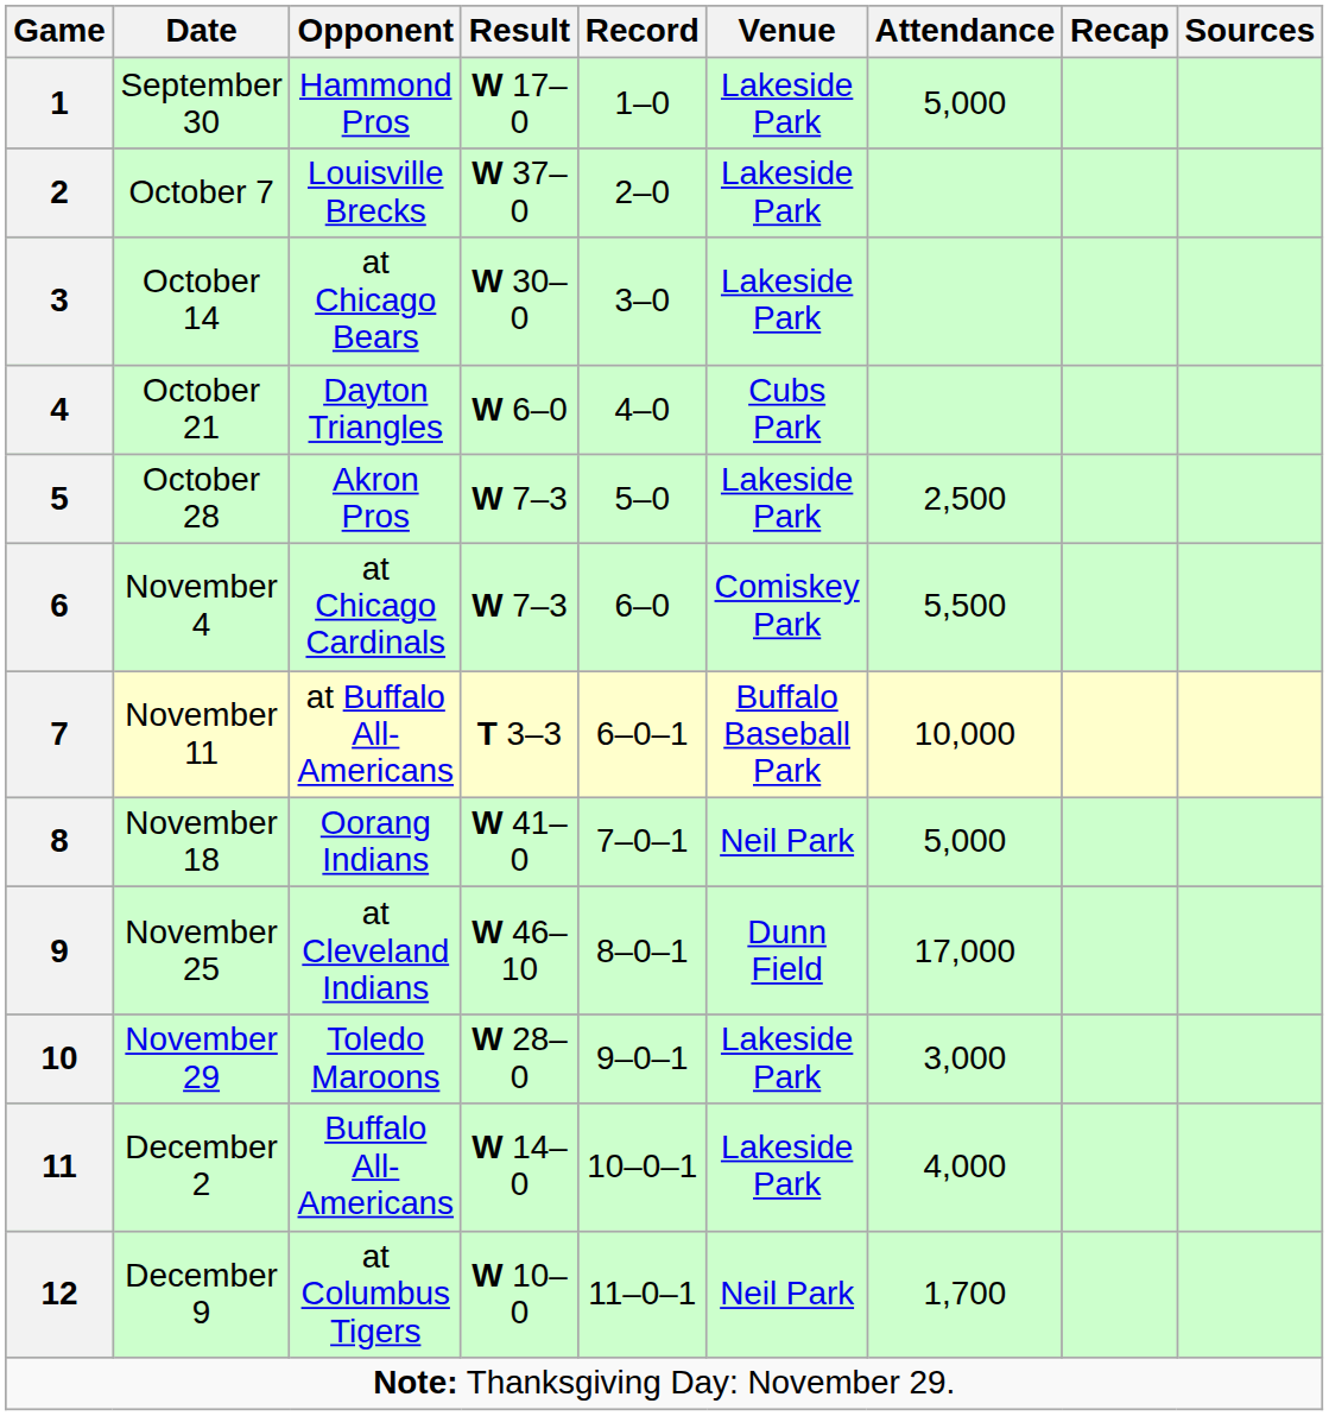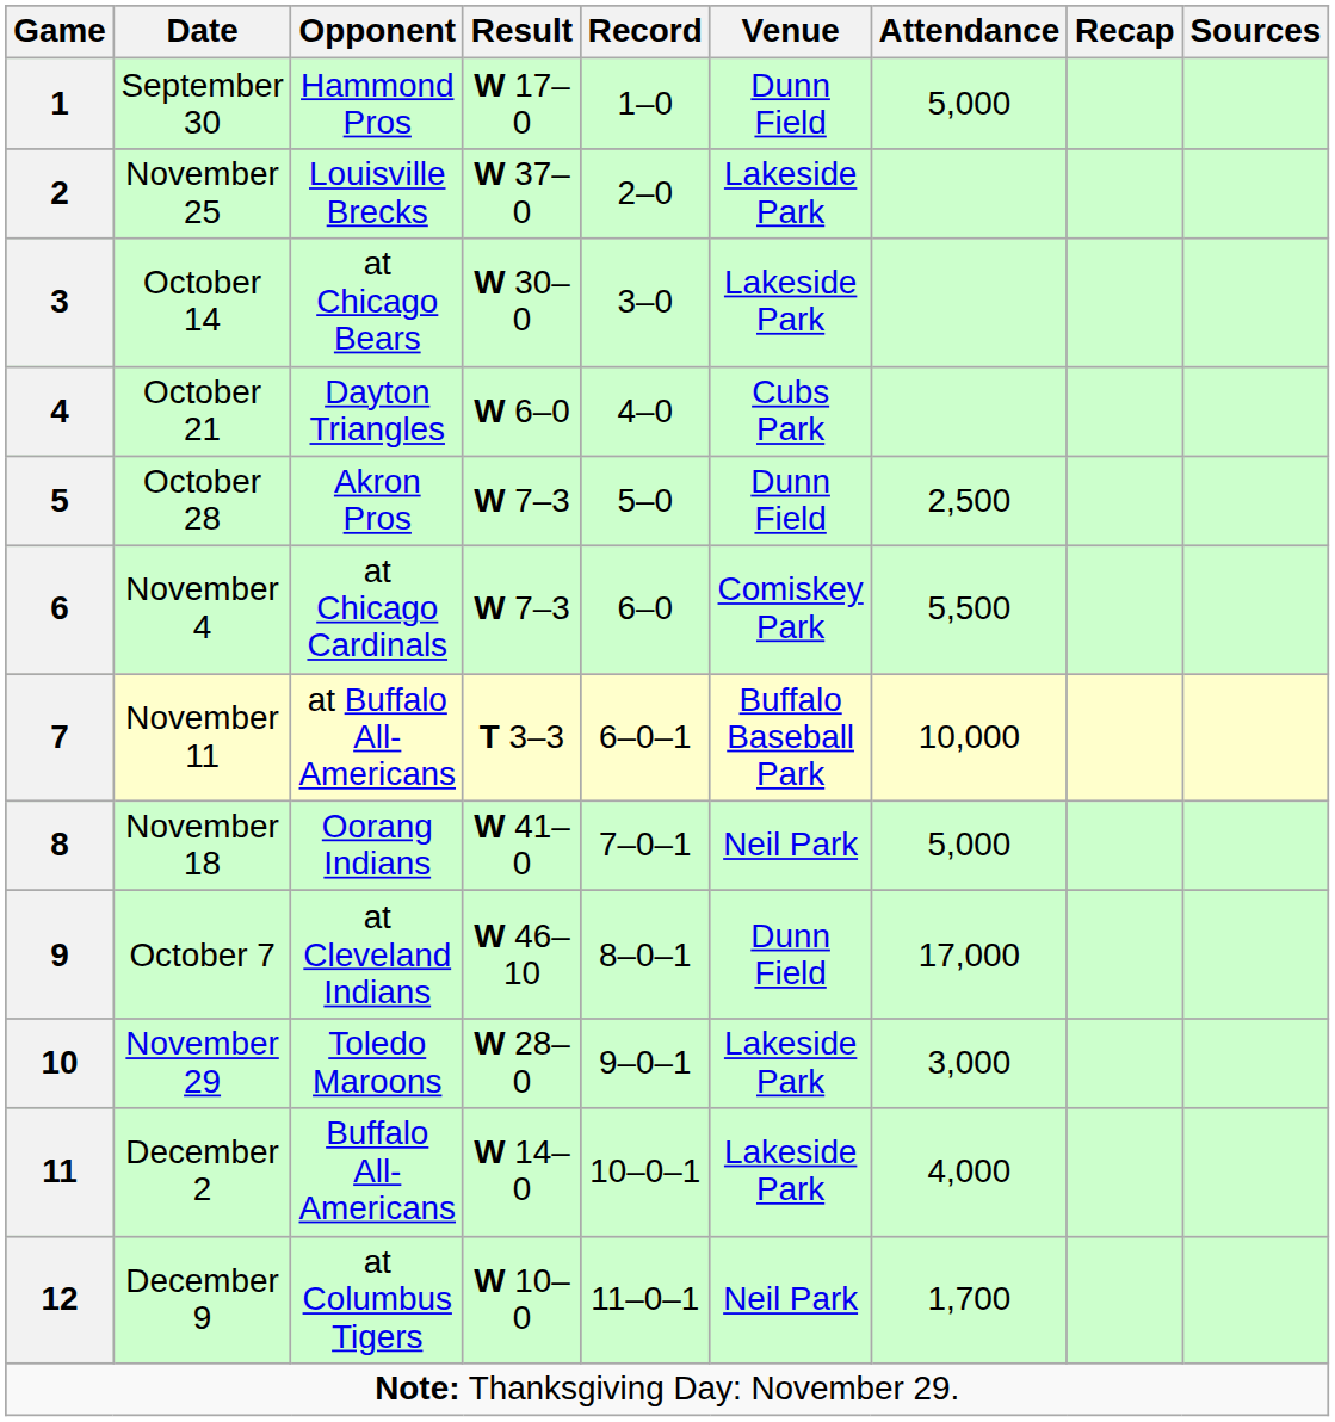 <table class="wikitable" style="text-align:center">
 <tr>
 <th>Game</th>
 <th>Date</th>
 <th>Opponent</th>
 <th>Result</th>
 <th>Record</th>
 <th>Venue</th>
 <th>Attendance</th>
 <th>Recap</th>
 <th>Sources</th>
 </tr>
 <tr style="background:#cfc">
 <th>1</th>
 <td>September 30</td>
 <td><a href='#'>Hammond Pros</a></td>
 <td><strong>W</strong> 17–0</td>
 <td>1–0</td>
-<td><a href='#'>Lakeside Park</a></td>
+<td><a href='#'>Dunn Field</a></td>
 <td>5,000</td>
 <td></td>
 <td></td>
 </tr>
 <tr style="background:#cfc">
 <th>2</th>
-<td>October 7</td>
+<td>November 25</td>
 <td><a href='#'>Louisville Brecks</a></td>
 <td><strong>W</strong> 37–0</td>
 <td>2–0</td>
 <td><a href='#'>Lakeside Park</a></td>
 <td></td>
 <td></td>
 <td></td>
 </tr>
 <tr style="background:#cfc">
 <th>3</th>
 <td>October 14</td>
 <td>at <a href='#'>Chicago Bears</a></td>
 <td><strong>W</strong> 30–0</td>
 <td>3–0</td>
 <td><a href='#'>Lakeside Park</a></td>
 <td></td>
 <td></td>
 <td></td>
 </tr>
 <tr style="background:#cfc">
 <th>4</th>
 <td>October 21</td>
 <td><a href='#'>Dayton Triangles</a></td>
 <td><strong>W</strong> 6–0</td>
 <td>4–0</td>
 <td><a href='#'>Cubs Park</a></td>
 <td></td>
 <td></td>
 <td></td>
 </tr>
 <tr style="background:#cfc">
 <th>5</th>
 <td>October 28</td>
 <td><a href='#'>Akron Pros</a></td>
 <td><strong>W</strong> 7–3</td>
 <td>5–0</td>
-<td><a href='#'>Lakeside Park</a></td>
+<td><a href='#'>Dunn Field</a></td>
 <td>2,500</td>
 <td></td>
 <td></td>
 </tr>
 <tr style="background:#cfc">
 <th>6</th>
 <td>November 4</td>
 <td>at <a href='#'>Chicago Cardinals</a></td>
 <td><strong>W</strong> 7–3</td>
 <td>6–0</td>
 <td><a href='#'>Comiskey Park</a></td>
 <td>5,500 </td>
 <td></td>
 <td></td>
 </tr>
 <tr style="background:#ffc">
 <th>7</th>
 <td>November 11</td>
 <td>at <a href='#'>Buffalo All-Americans</a></td>
 <td><strong>T</strong> 3–3</td>
 <td>6–0–1</td>
 <td><a href='#'>Buffalo Baseball Park</a></td>
 <td>10,000</td>
 <td></td>
 <td></td>
 </tr>
 <tr style="background:#cfc">
 <th>8</th>
 <td>November 18</td>
 <td><a href='#'>Oorang Indians</a></td>
 <td><strong>W</strong> 41–0</td>
 <td>7–0–1</td>
 <td><a href='#'>Neil Park</a></td>
 <td>5,000</td>
 <td></td>
 <td></td>
 </tr>
 <tr style="background:#cfc">
 <th>9</th>
-<td>November 25</td>
+<td>October 7</td>
 <td>at <a href='#'>Cleveland Indians</a></td>
 <td><strong>W</strong> 46–10</td>
 <td>8–0–1</td>
 <td><a href='#'>Dunn Field</a></td>
 <td>17,000</td>
 <td></td>
 <td></td>
 </tr>
 <tr style="background:#cfc">
 <th>10</th>
 <td><a href='#'>November 29</a></td>
 <td><a href='#'>Toledo Maroons</a></td>
 <td><strong>W</strong> 28–0</td>
 <td>9–0–1</td>
 <td><a href='#'>Lakeside Park</a></td>
 <td>3,000</td>
 <td></td>
 <td></td>
 </tr>
 <tr style="background:#cfc">
 <th>11</th>
 <td>December 2</td>
 <td><a href='#'>Buffalo All-Americans</a></td>
 <td><strong>W</strong> 14–0</td>
 <td>10–0–1</td>
 <td><a href='#'>Lakeside Park</a></td>
 <td>4,000</td>
 <td></td>
 <td></td>
 </tr>
 <tr style="background:#cfc">
 <th>12</th>
 <td>December 9</td>
 <td>at <a href='#'>Columbus Tigers</a></td>
 <td><strong>W</strong> 10–0</td>
 <td>11–0–1</td>
 <td><a href='#'>Neil Park</a></td>
 <td>1,700</td>
 <td></td>
 <td></td>
 </tr>
 <tr>
 <td colspan="10"><strong>Note:</strong> Thanksgiving Day: November 29.</td>
 </tr>
 </table>
